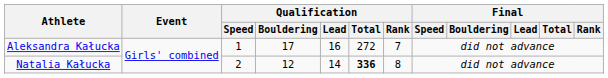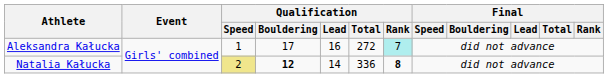 <table class="wikitable" style="text-align:center;font-size:90%">
 <tr>
 <th rowspan=2>Athlete</th>
 <th rowspan=2>Event</th>
 <th colspan=5>Qualification</th>
 <th colspan=5>Final</th>
 </tr>
 <tr style="font-size:95%">
 <th>Speed</th>
 <th>Bouldering</th>
 <th>Lead</th>
 <th>Total</th>
 <th>Rank</th>
 <th>Speed</th>
 <th>Bouldering</th>
 <th>Lead</th>
 <th>Total</th>
 <th>Rank</th>
 </tr>
 <tr>
 <td><a href='#'>Aleksandra Kałucka</a></td>
 <td rowspan=2 align=left><a href='#'>Girls' combined</a></td>
 <td>1</td>
 <td>17</td>
 <td>16</td>
 <td>272</td>
-<td>7</td>
+<td style="background: paleturquoise;">7</td>
 <td colspan=5><em>did not advance</em></td>
 </tr>
 <tr>
 <td><a href='#'>Natalia Kałucka</a></td>
-<td>2</td>
-<td>12</td>
+<td style="background: khaki;">2</td>
+<td><strong>12</strong></td>
 <td>14</td>
-<td><strong>336</strong></td>
-<td>8</td>
+<td>336</td>
+<td><strong>8</strong></td>
 <td colspan=5><em>did not advance</em></td>
 </tr>
 </table>
